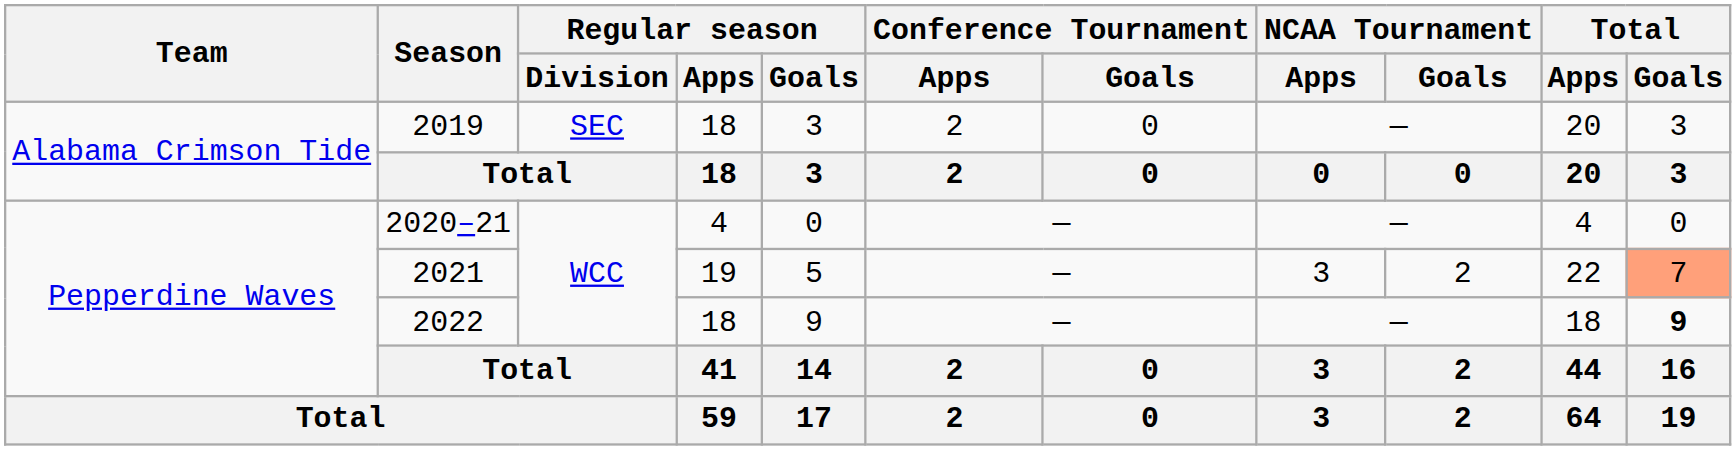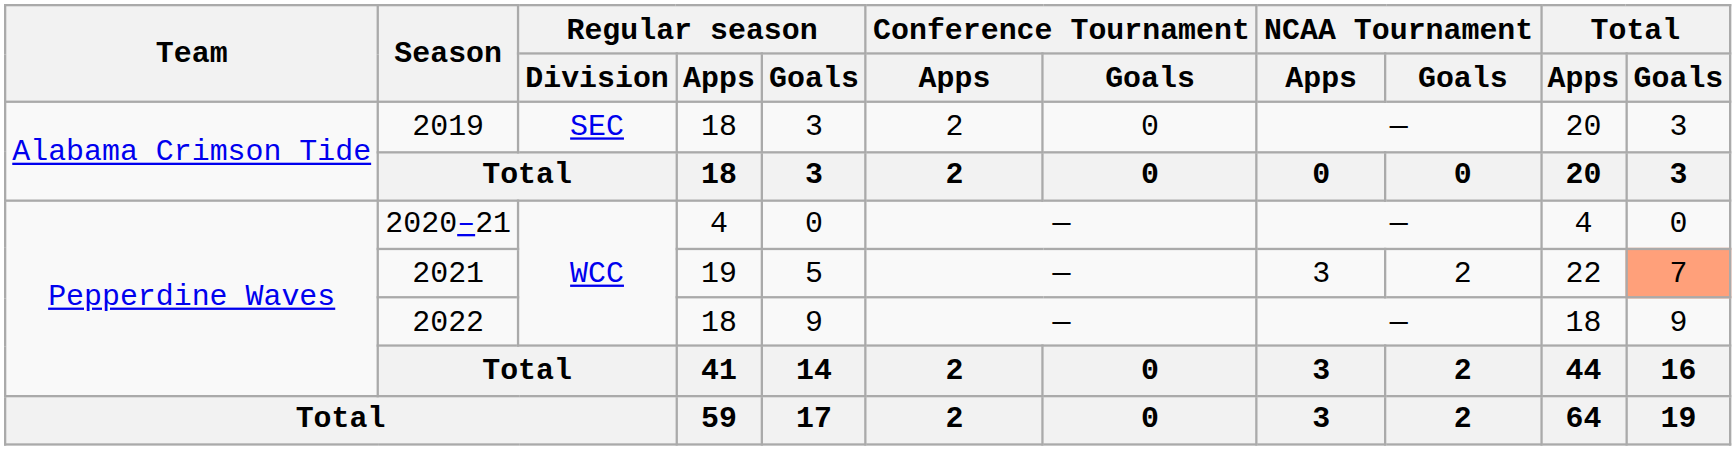 <table class="wikitable" style="text-align: center;">
 <tr>
 <th rowspan="2">Team</th>
 <th rowspan="2">Season</th>
 <th colspan="3">Regular season</th>
 <th colspan="2">Conference Tournament</th>
 <th colspan="2">NCAA Tournament</th>
 <th colspan="2">Total</th>
 </tr>
 <tr>
 <th>Division</th>
 <th>Apps</th>
 <th>Goals</th>
 <th>Apps</th>
 <th>Goals</th>
 <th>Apps</th>
 <th>Goals</th>
 <th>Apps</th>
 <th>Goals</th>
 </tr>
 <tr>
 <td rowspan="2"><a href='#'>Alabama Crimson Tide</a></td>
 <td>2019</td>
 <td><a href='#'>SEC</a></td>
 <td>18</td>
 <td>3</td>
 <td>2</td>
 <td>0</td>
 <td colspan="2">—</td>
 <td>20</td>
 <td>3</td>
 </tr>
 <tr>
 <th colspan="2">Total</th>
 <th>18</th>
 <th>3</th>
 <th>2</th>
 <th>0</th>
 <th>0</th>
 <th>0</th>
 <th>20</th>
 <th>3</th>
 </tr>
 <tr>
 <td rowspan="4"><a href='#'>Pepperdine Waves</a></td>
 <td>2020<a href='#'>–</a>21</td>
 <td rowspan="3"><a href='#'>WCC</a></td>
 <td>4</td>
 <td>0</td>
 <td colspan="2">—</td>
 <td colspan="2">—</td>
 <td>4</td>
 <td>0</td>
 </tr>
 <tr>
 <td>2021</td>
 <td>19</td>
 <td>5</td>
 <td colspan="2">—</td>
 <td>3</td>
 <td>2</td>
 <td>22</td>
 <td style="background: lightsalmon;">7</td>
 </tr>
 <tr>
 <td>2022</td>
 <td>18</td>
 <td>9</td>
 <td colspan="2">—</td>
 <td colspan="2">—</td>
 <td>18</td>
-<td><strong>9</strong></td>
+<td>9</td>
 </tr>
 <tr>
 <th colspan="2">Total</th>
 <th>41</th>
 <th>14</th>
 <th>2</th>
 <th>0</th>
 <th>3</th>
 <th>2</th>
 <th>44</th>
 <th>16</th>
 </tr>
 <tr>
 <th colspan="3">Total</th>
 <th>59</th>
 <th>17</th>
 <th>2</th>
 <th>0</th>
 <th>3</th>
 <th>2</th>
 <th>64</th>
 <th>19</th>
 </tr>
 </table>
